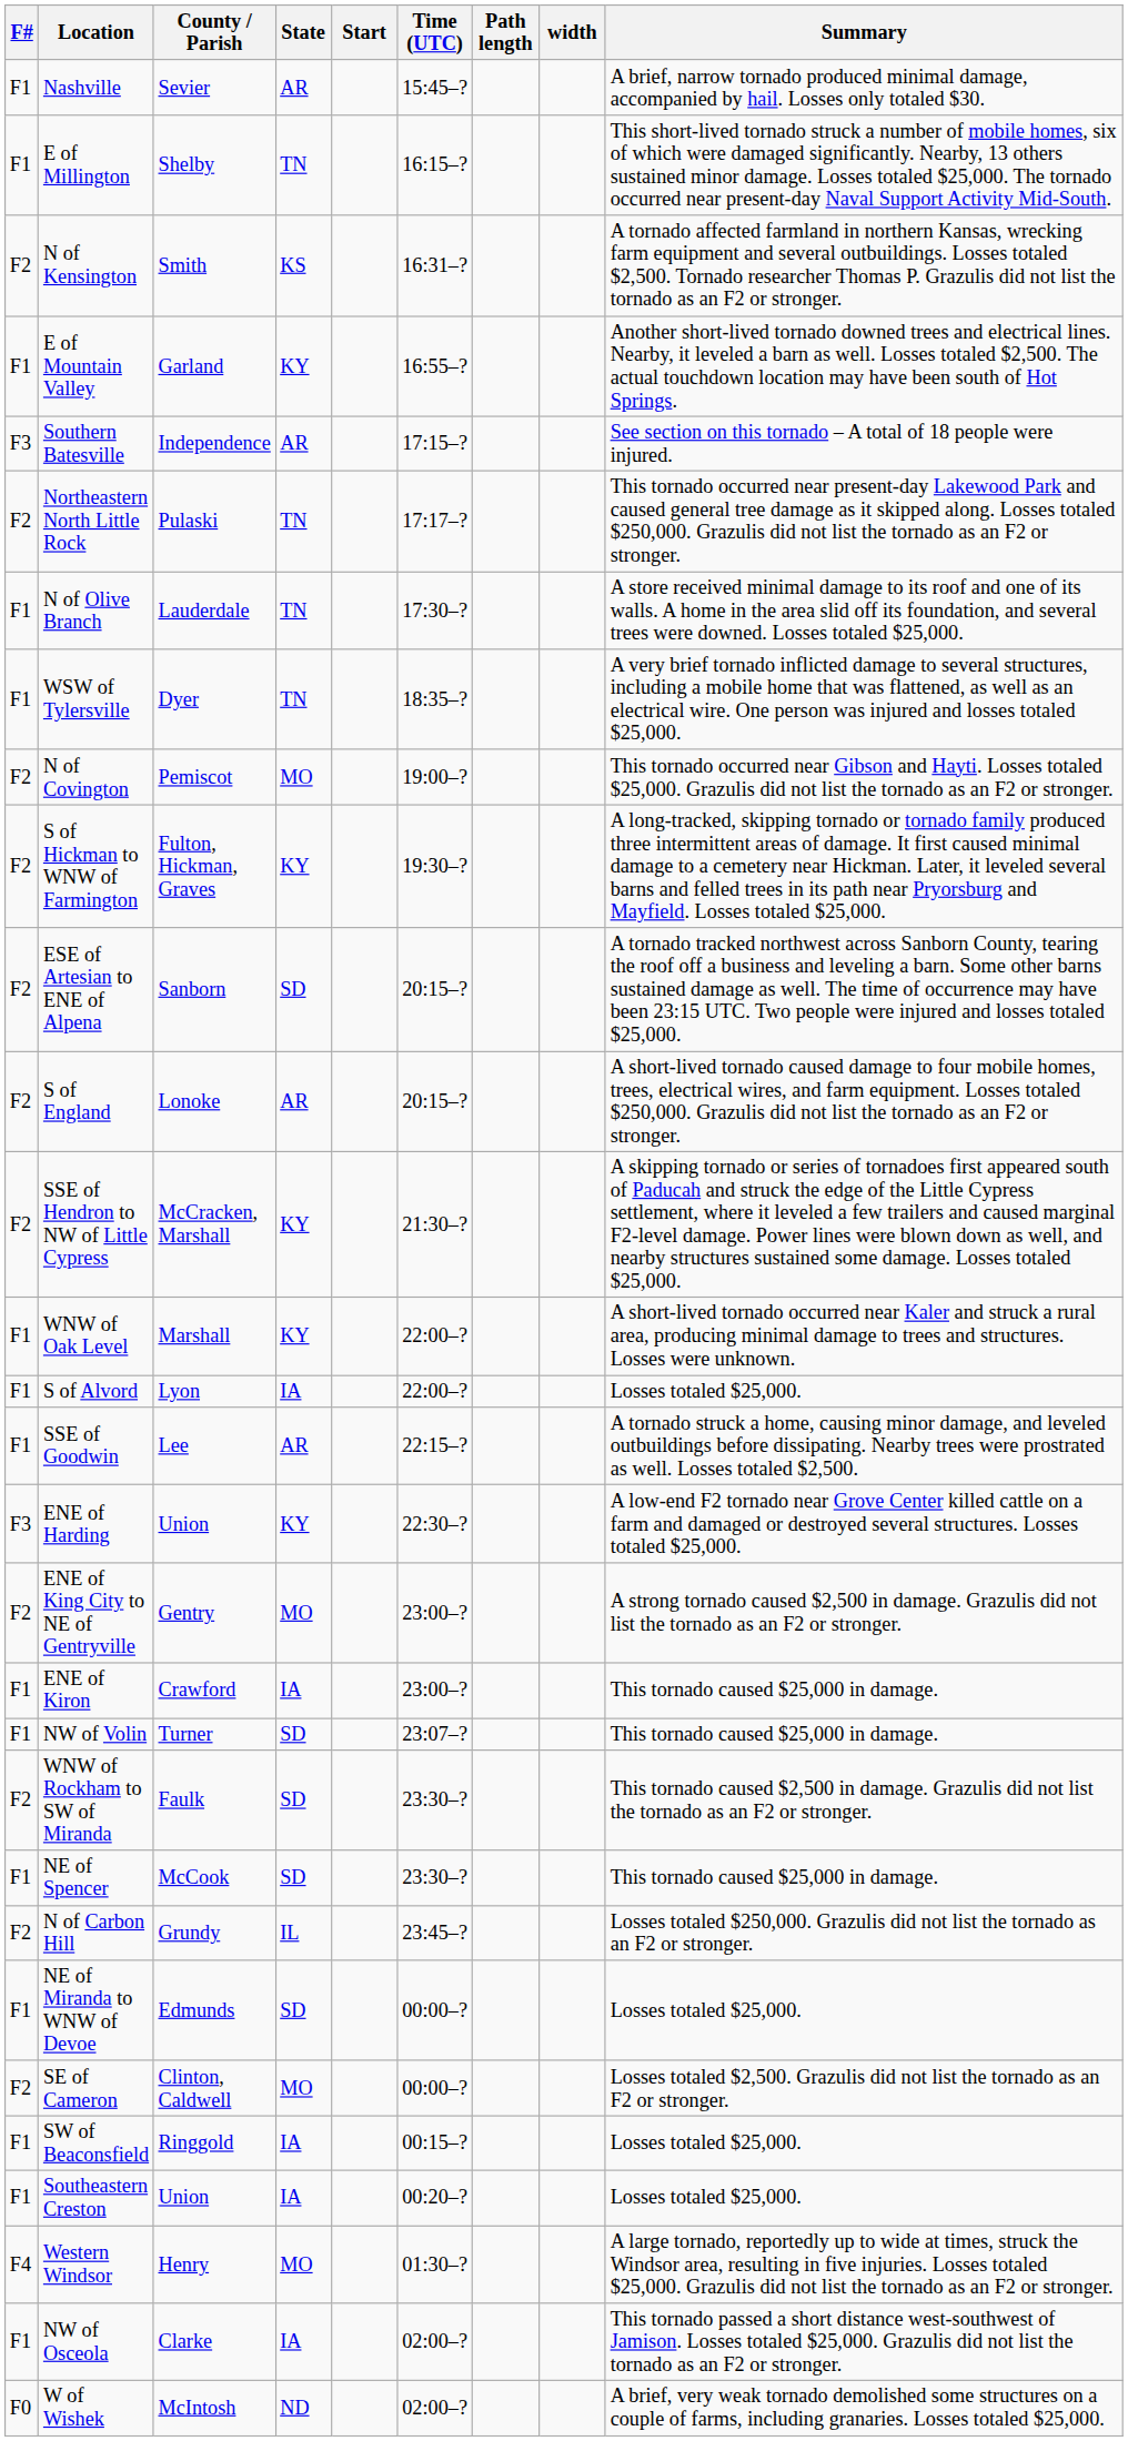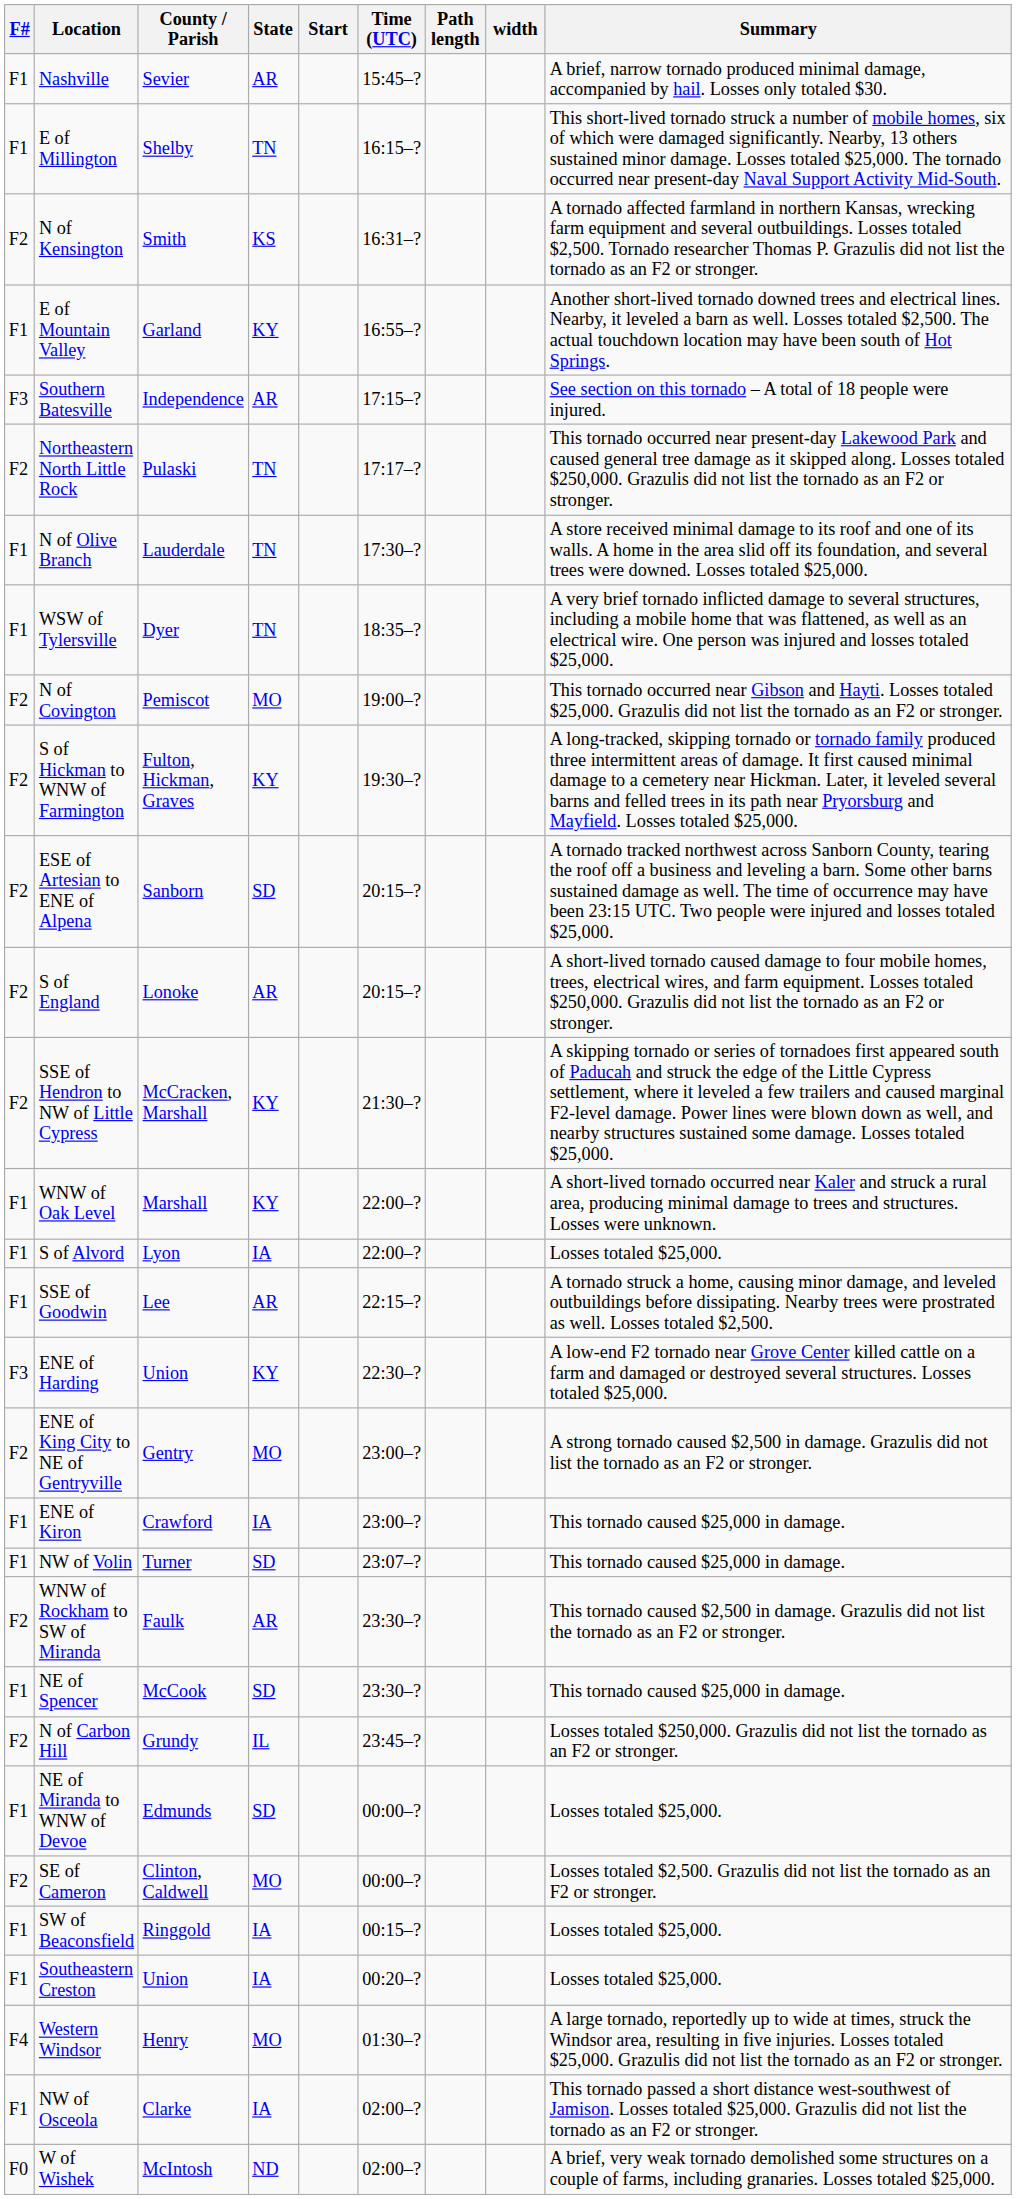 <table class="wikitable sortable" style="width:100%;">
 <tr>
 <th scope="col"  style="width:3%; text-align:center;"><a href='#'>F#</a></th>
 <th scope="col"  style="width:7%; text-align:center;" class="unsortable">Location</th>
 <th scope="col"  style="width:6%; text-align:center;" class="unsortable">County / Parish</th>
 <th scope="col"  style="width:5%; text-align:center;">State</th>
 <th scope="col"  style="width:6%; text-align:center;">Start<br></th>
 <th scope="col"  style="width:6%; text-align:center;">Time (<a href='#'>UTC</a>)</th>
 <th scope="col"  style="width:6%; text-align:center;">Path length</th>
 <th scope="col"  style="width:6%; text-align:center;"> width</th>
 <th scope="col" class="unsortable" style="width:48%; text-align:center;">Summary</th>
 </tr>
 <tr>
 <td>F1</td>
 <td><a href='#'>Nashville</a></td>
 <td><a href='#'>Sevier</a></td>
 <td><a href='#'>AR</a></td>
 <td></td>
 <td>15:45–?</td>
 <td></td>
 <td></td>
 <td>A brief, narrow tornado produced minimal damage, accompanied by  <a href='#'>hail</a>. Losses only totaled $30.</td>
 </tr>
 <tr>
 <td>F1</td>
 <td>E of <a href='#'>Millington</a></td>
 <td><a href='#'>Shelby</a></td>
 <td><a href='#'>TN</a></td>
 <td></td>
 <td>16:15–?</td>
 <td></td>
 <td></td>
 <td>This short-lived tornado struck a number of <a href='#'>mobile homes</a>, six of which were damaged significantly. Nearby, 13 others sustained minor damage. Losses totaled $25,000. The tornado occurred near present-day <a href='#'>Naval Support Activity Mid-South</a>.</td>
 </tr>
 <tr>
 <td>F2</td>
 <td>N of <a href='#'>Kensington</a></td>
 <td><a href='#'>Smith</a></td>
 <td><a href='#'>KS</a></td>
 <td></td>
 <td>16:31–?</td>
 <td></td>
 <td></td>
 <td>A tornado affected farmland in northern Kansas, wrecking farm equipment and several outbuildings. Losses totaled $2,500. Tornado researcher Thomas P. Grazulis did not list the tornado as an F2 or stronger.</td>
 </tr>
 <tr>
 <td>F1</td>
 <td>E of <a href='#'>Mountain Valley</a></td>
 <td><a href='#'>Garland</a></td>
 <td><a href='#'>KY</a></td>
 <td></td>
 <td>16:55–?</td>
 <td></td>
 <td></td>
 <td>Another short-lived tornado downed trees and electrical lines. Nearby, it leveled a barn as well. Losses totaled $2,500. The actual touchdown location may have been south of <a href='#'>Hot Springs</a>.</td>
 </tr>
 <tr>
 <td>F3</td>
 <td><a href='#'>Southern Batesville</a></td>
 <td><a href='#'>Independence</a></td>
 <td><a href='#'>AR</a></td>
 <td></td>
 <td>17:15–?</td>
 <td></td>
 <td></td>
 <td><a href='#'>See section on this tornado</a> – A total of 18 people were injured.</td>
 </tr>
 <tr>
 <td>F2</td>
 <td><a href='#'>Northeastern North Little Rock</a></td>
 <td><a href='#'>Pulaski</a></td>
 <td><a href='#'>TN</a></td>
 <td></td>
 <td>17:17–?</td>
 <td></td>
 <td></td>
 <td>This tornado occurred near present-day <a href='#'>Lakewood Park</a> and caused general tree damage as it skipped along. Losses totaled $250,000. Grazulis did not list the tornado as an F2 or stronger.</td>
 </tr>
 <tr>
 <td>F1</td>
 <td>N of <a href='#'>Olive Branch</a></td>
 <td><a href='#'>Lauderdale</a></td>
 <td><a href='#'>TN</a></td>
 <td></td>
 <td>17:30–?</td>
 <td></td>
 <td></td>
 <td>A store received minimal damage to its roof and one of its walls. A home in the area slid off its foundation, and several trees were downed. Losses totaled $25,000.</td>
 </tr>
 <tr>
 <td>F1</td>
 <td>WSW of <a href='#'>Tylersville</a></td>
 <td><a href='#'>Dyer</a></td>
 <td><a href='#'>TN</a></td>
 <td></td>
 <td>18:35–?</td>
 <td></td>
 <td></td>
 <td>A very brief tornado inflicted damage to several structures, including a mobile home that was flattened, as well as an electrical wire. One person was injured and losses totaled $25,000.</td>
 </tr>
 <tr>
 <td>F2</td>
 <td>N of <a href='#'>Covington</a></td>
 <td><a href='#'>Pemiscot</a></td>
 <td><a href='#'>MO</a></td>
 <td></td>
 <td>19:00–?</td>
 <td></td>
 <td></td>
 <td>This tornado occurred near <a href='#'>Gibson</a> and <a href='#'>Hayti</a>. Losses totaled $25,000. Grazulis did not list the tornado as an F2 or stronger.</td>
 </tr>
 <tr>
 <td>F2</td>
 <td>S of <a href='#'>Hickman</a> to WNW of <a href='#'>Farmington</a></td>
 <td><a href='#'>Fulton</a>, <a href='#'>Hickman</a>, <a href='#'>Graves</a></td>
 <td><a href='#'>KY</a></td>
 <td></td>
 <td>19:30–?</td>
 <td></td>
 <td></td>
 <td>A long-tracked, skipping tornado or <a href='#'>tornado family</a> produced three intermittent areas of damage. It first caused minimal damage to a cemetery near Hickman. Later, it leveled several barns and felled trees in its path near <a href='#'>Pryorsburg</a> and <a href='#'>Mayfield</a>. Losses totaled $25,000.</td>
 </tr>
 <tr>
 <td>F2</td>
 <td>ESE of <a href='#'>Artesian</a> to ENE of <a href='#'>Alpena</a></td>
 <td><a href='#'>Sanborn</a></td>
 <td><a href='#'>SD</a></td>
 <td></td>
 <td>20:15–?</td>
 <td></td>
 <td></td>
 <td>A tornado tracked northwest across Sanborn County, tearing the roof off a business and leveling a barn. Some other barns sustained damage as well. The time of occurrence may have been 23:15 UTC. Two people were injured and losses totaled $25,000.</td>
 </tr>
 <tr>
 <td>F2</td>
 <td>S of <a href='#'>England</a></td>
 <td><a href='#'>Lonoke</a></td>
 <td><a href='#'>AR</a></td>
 <td></td>
 <td>20:15–?</td>
 <td></td>
 <td></td>
 <td>A short-lived tornado caused damage to four mobile homes, trees, electrical wires, and farm equipment. Losses totaled $250,000. Grazulis did not list the tornado as an F2 or stronger.</td>
 </tr>
 <tr>
 <td>F2</td>
 <td>SSE of <a href='#'>Hendron</a> to NW of <a href='#'>Little Cypress</a></td>
 <td><a href='#'>McCracken</a>, <a href='#'>Marshall</a></td>
 <td><a href='#'>KY</a></td>
 <td></td>
 <td>21:30–?</td>
 <td></td>
 <td></td>
 <td>A skipping tornado or series of tornadoes first appeared south of <a href='#'>Paducah</a> and struck the edge of the Little Cypress settlement, where it leveled a few trailers and caused marginal F2-level damage. Power lines were blown down as well, and nearby structures sustained some damage. Losses totaled $25,000.</td>
 </tr>
 <tr>
 <td>F1</td>
 <td>WNW of <a href='#'>Oak Level</a></td>
 <td><a href='#'>Marshall</a></td>
 <td><a href='#'>KY</a></td>
 <td></td>
 <td>22:00–?</td>
 <td></td>
 <td></td>
 <td>A short-lived tornado occurred near <a href='#'>Kaler</a> and struck a rural area, producing minimal damage to trees and structures. Losses were unknown.</td>
 </tr>
 <tr>
 <td>F1</td>
 <td>S of <a href='#'>Alvord</a></td>
 <td><a href='#'>Lyon</a></td>
 <td><a href='#'>IA</a></td>
 <td></td>
 <td>22:00–?</td>
 <td></td>
 <td></td>
 <td>Losses totaled $25,000.</td>
 </tr>
 <tr>
 <td>F1</td>
 <td>SSE of <a href='#'>Goodwin</a></td>
 <td><a href='#'>Lee</a></td>
 <td><a href='#'>AR</a></td>
 <td></td>
 <td>22:15–?</td>
 <td></td>
 <td></td>
 <td>A tornado struck a home, causing minor damage, and leveled outbuildings before dissipating. Nearby trees were prostrated as well. Losses totaled $2,500.</td>
 </tr>
 <tr>
 <td>F3</td>
 <td>ENE of <a href='#'>Harding</a></td>
 <td><a href='#'>Union</a></td>
 <td><a href='#'>KY</a></td>
 <td></td>
 <td>22:30–?</td>
 <td></td>
 <td></td>
 <td>A low-end F2 tornado near <a href='#'>Grove Center</a> killed cattle on a farm and damaged or destroyed several structures. Losses totaled $25,000.</td>
 </tr>
 <tr>
 <td>F2</td>
 <td>ENE of <a href='#'>King City</a> to NE of <a href='#'>Gentryville</a></td>
 <td><a href='#'>Gentry</a></td>
 <td><a href='#'>MO</a></td>
 <td></td>
 <td>23:00–?</td>
 <td></td>
 <td></td>
 <td>A strong tornado caused $2,500 in damage. Grazulis did not list the tornado as an F2 or stronger.</td>
 </tr>
 <tr>
 <td>F1</td>
 <td>ENE of <a href='#'>Kiron</a></td>
 <td><a href='#'>Crawford</a></td>
 <td><a href='#'>IA</a></td>
 <td></td>
 <td>23:00–?</td>
 <td></td>
 <td></td>
 <td>This tornado caused $25,000 in damage.</td>
 </tr>
 <tr>
 <td>F1</td>
 <td>NW of <a href='#'>Volin</a></td>
 <td><a href='#'>Turner</a></td>
 <td><a href='#'>SD</a></td>
 <td></td>
 <td>23:07–?</td>
 <td></td>
 <td></td>
 <td>This tornado caused $25,000 in damage.</td>
 </tr>
 <tr>
 <td>F2</td>
 <td>WNW of <a href='#'>Rockham</a> to SW of <a href='#'>Miranda</a></td>
 <td><a href='#'>Faulk</a></td>
-<td><a href='#'>SD</a></td>
+<td><a href='#'>AR</a></td>
 <td></td>
 <td>23:30–?</td>
 <td></td>
 <td></td>
 <td>This tornado caused $2,500 in damage. Grazulis did not list the tornado as an F2 or stronger.</td>
 </tr>
 <tr>
 <td>F1</td>
 <td>NE of <a href='#'>Spencer</a></td>
 <td><a href='#'>McCook</a></td>
 <td><a href='#'>SD</a></td>
 <td></td>
 <td>23:30–?</td>
 <td></td>
 <td></td>
 <td>This tornado caused $25,000 in damage.</td>
 </tr>
 <tr>
 <td>F2</td>
 <td>N of <a href='#'>Carbon Hill</a></td>
 <td><a href='#'>Grundy</a></td>
 <td><a href='#'>IL</a></td>
 <td></td>
 <td>23:45–?</td>
 <td></td>
 <td></td>
 <td>Losses totaled $250,000. Grazulis did not list the tornado as an F2 or stronger.</td>
 </tr>
 <tr>
 <td>F1</td>
 <td>NE of <a href='#'>Miranda</a> to WNW of <a href='#'>Devoe</a></td>
 <td><a href='#'>Edmunds</a></td>
 <td><a href='#'>SD</a></td>
 <td></td>
 <td>00:00–?</td>
 <td></td>
 <td></td>
 <td>Losses totaled $25,000.</td>
 </tr>
 <tr>
 <td>F2</td>
 <td>SE of <a href='#'>Cameron</a></td>
 <td><a href='#'>Clinton</a>, <a href='#'>Caldwell</a></td>
 <td><a href='#'>MO</a></td>
 <td></td>
 <td>00:00–?</td>
 <td></td>
 <td></td>
 <td>Losses totaled $2,500. Grazulis did not list the tornado as an F2 or stronger.</td>
 </tr>
 <tr>
 <td>F1</td>
 <td>SW of <a href='#'>Beaconsfield</a></td>
 <td><a href='#'>Ringgold</a></td>
 <td><a href='#'>IA</a></td>
 <td></td>
 <td>00:15–?</td>
 <td></td>
 <td></td>
 <td>Losses totaled $25,000.</td>
 </tr>
 <tr>
 <td>F1</td>
 <td><a href='#'>Southeastern Creston</a></td>
 <td><a href='#'>Union</a></td>
 <td><a href='#'>IA</a></td>
 <td></td>
 <td>00:20–?</td>
 <td></td>
 <td></td>
 <td>Losses totaled $25,000.</td>
 </tr>
 <tr>
 <td>F4</td>
 <td><a href='#'>Western Windsor</a></td>
 <td><a href='#'>Henry</a></td>
 <td><a href='#'>MO</a></td>
 <td></td>
 <td>01:30–?</td>
 <td></td>
 <td></td>
 <td>A large tornado, reportedly up to  wide at times, struck the Windsor area, resulting in five injuries. Losses totaled $25,000. Grazulis did not list the tornado as an F2 or stronger.</td>
 </tr>
 <tr>
 <td>F1</td>
 <td>NW of <a href='#'>Osceola</a></td>
 <td><a href='#'>Clarke</a></td>
 <td><a href='#'>IA</a></td>
 <td></td>
 <td>02:00–?</td>
 <td></td>
 <td></td>
 <td>This tornado passed a short distance west-southwest of <a href='#'>Jamison</a>. Losses totaled $25,000. Grazulis did not list the tornado as an F2 or stronger.</td>
 </tr>
 <tr>
 <td>F0</td>
 <td>W of <a href='#'>Wishek</a></td>
 <td><a href='#'>McIntosh</a></td>
 <td><a href='#'>ND</a></td>
 <td></td>
 <td>02:00–?</td>
 <td></td>
 <td></td>
 <td>A brief, very weak tornado demolished some structures on a couple of farms, including granaries. Losses totaled $25,000.</td>
 </tr>
 </table>
